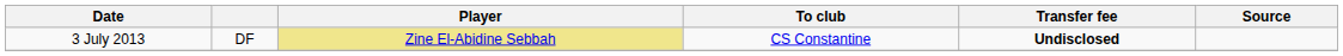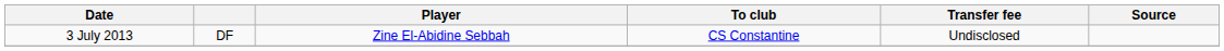 <table class="wikitable sortable" style="width:80%; text-align:center; font-size:85%; text-align:centre;">
 <tr>
 <th>Date</th>
 <th></th>
 <th>Player</th>
 <th>To club</th>
 <th>Transfer fee</th>
 <th>Source</th>
 </tr>
 <tr>
 <td>3 July 2013</td>
 <td>DF</td>
-<td style="background: khaki;"> <a href='#'>Zine El-Abidine Sebbah</a></td>
+<td> <a href='#'>Zine El-Abidine Sebbah</a></td>
 <td><a href='#'>CS Constantine</a></td>
-<td><strong>Undisclosed</strong></td>
+<td>Undisclosed</td>
 <td></td>
 </tr>
 <tr>
 </tr>
 </table>
